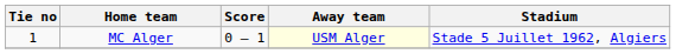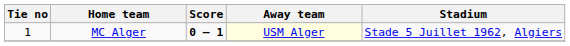 <table class="wikitable" style="text-align:center">
 <tr>
 <th>Tie no</th>
 <th style="width:150px;">Home team</th>
 <th>Score</th>
 <th style="width:150px;">Away team</th>
 <th>Stadium</th>
 </tr>
 <tr>
 <td>1</td>
 <td><a href='#'>MC Alger</a></td>
-<td>0 – 1</td>
+<td><strong>0 – 1</strong></td>
 <td style="background: lightyellow;"><a href='#'>USM Alger</a></td>
 <td><a href='#'>Stade 5 Juillet 1962</a>, <a href='#'>Algiers</a></td>
 </tr>
 <tr>
 </tr>
 </table>
